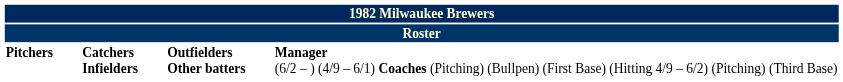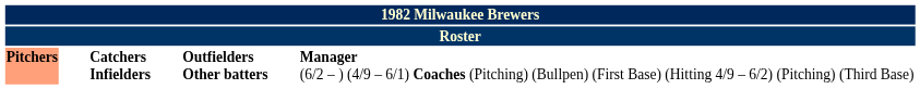 <table class="toccolours" style="font-size: 95%;">
 <tr>
 <th colspan="10" style="background-color: #00285D; color: #FFFDD0; text-align: center;">1982 Milwaukee Brewers</th>
 </tr>
 <tr>
 <td colspan="10" style="background-color: #003366; color: #FFFDD0; text-align: center;"><strong>Roster</strong></td>
 </tr>
 <tr>
-<td valign="top"><strong>Pitchers</strong><br>              </td>
+<td valign="top" style="background: lightsalmon;"><strong>Pitchers</strong><br>              </td>
 <td width="25px"></td>
 <td valign="top"><strong>Catchers</strong><br>  <strong>Infielders</strong>      </td>
 <td width="25px"></td>
 <td valign="top"><strong>Outfielders</strong><br>       <strong>Other batters</strong>   </td>
 <td width="25px"></td>
 <td valign="top"><strong>Manager</strong><br> (6/2 – )  (4/9 – 6/1) <strong>Coaches</strong>  (Pitching)  (Bullpen)  (First Base)  (Hitting 4/9 – 6/2)  (Pitching)  (Third Base)</td>
 </tr>
 <tr>
 </tr>
 <tr>
 </tr>
 </table>
